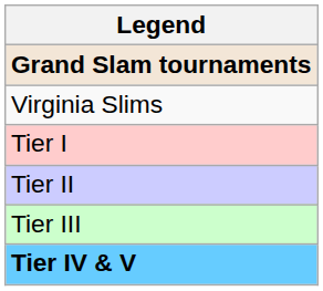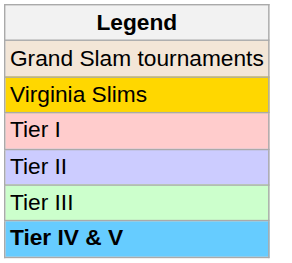 <table class="wikitable sortable mw-collapsible mw-collapsed">
 <tr>
 <th>Legend</th>
 </tr>
 <tr>
-<td style="background:#f3e6d7;"><strong>Grand Slam tournaments</strong></td>
+<td style="background:#f3e6d7;">Grand Slam tournaments</td>
 </tr>
 <tr>
-<td>Virginia Slims</td>
+<td style="background: gold;">Virginia Slims</td>
 </tr>
 <tr>
 <td style="background:#ffcccc;">Tier I</td>
 </tr>
 <tr>
 <td style="background:#ccccff;">Tier II</td>
 </tr>
 <tr>
 <td style="background:#ccffcc;">Tier III</td>
 </tr>
 <tr>
 <td style="background:#66ccff;"><strong>Tier IV & V</strong></td>
 </tr>
 </table>
